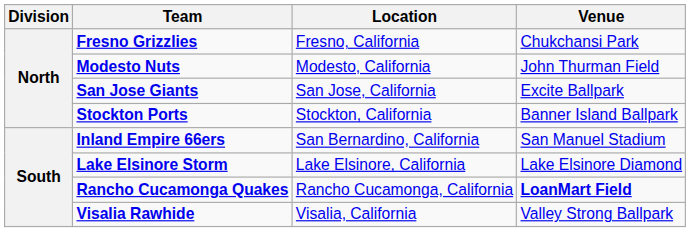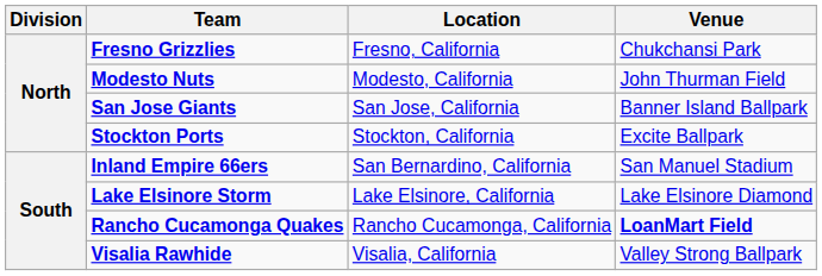 <table class="wikitable" style="font-size:85%">
 <tr>
 <th>Division</th>
 <th>Team</th>
 <th>Location</th>
 <th>Venue</th>
 </tr>
 <tr>
 <th rowspan="4">North</th>
 <td><strong><a href='#'>Fresno Grizzlies</a></strong></td>
 <td><a href='#'>Fresno, California</a></td>
 <td><a href='#'>Chukchansi Park</a></td>
 </tr>
 <tr>
 <td><strong><a href='#'>Modesto Nuts</a></strong></td>
 <td><a href='#'>Modesto, California</a></td>
 <td><a href='#'>John Thurman Field</a></td>
 </tr>
 <tr>
 <td><strong><a href='#'>San Jose Giants</a></strong></td>
 <td><a href='#'>San Jose, California</a></td>
-<td><a href='#'>Excite Ballpark</a></td>
+<td><a href='#'>Banner Island Ballpark</a></td>
 </tr>
 <tr>
 <td><strong><a href='#'>Stockton Ports</a></strong></td>
 <td><a href='#'>Stockton, California</a></td>
-<td><a href='#'>Banner Island Ballpark</a></td>
+<td><a href='#'>Excite Ballpark</a></td>
 </tr>
 <tr>
 <th rowspan="4">South</th>
 <td><strong><a href='#'>Inland Empire 66ers</a></strong></td>
 <td><a href='#'>San Bernardino, California</a></td>
 <td><a href='#'>San Manuel Stadium</a></td>
 </tr>
 <tr>
 <td><strong><a href='#'>Lake Elsinore Storm</a></strong></td>
 <td><a href='#'>Lake Elsinore, California</a></td>
 <td><a href='#'>Lake Elsinore Diamond</a></td>
 </tr>
 <tr>
 <td><strong><a href='#'>Rancho Cucamonga Quakes</a></strong></td>
 <td><a href='#'>Rancho Cucamonga, California</a></td>
 <td><strong><a href='#'>LoanMart Field</a></strong></td>
 </tr>
 <tr>
 <td><strong><a href='#'>Visalia Rawhide</a></strong></td>
 <td><a href='#'>Visalia, California</a></td>
 <td><a href='#'>Valley Strong Ballpark</a></td>
 </tr>
 </table>
